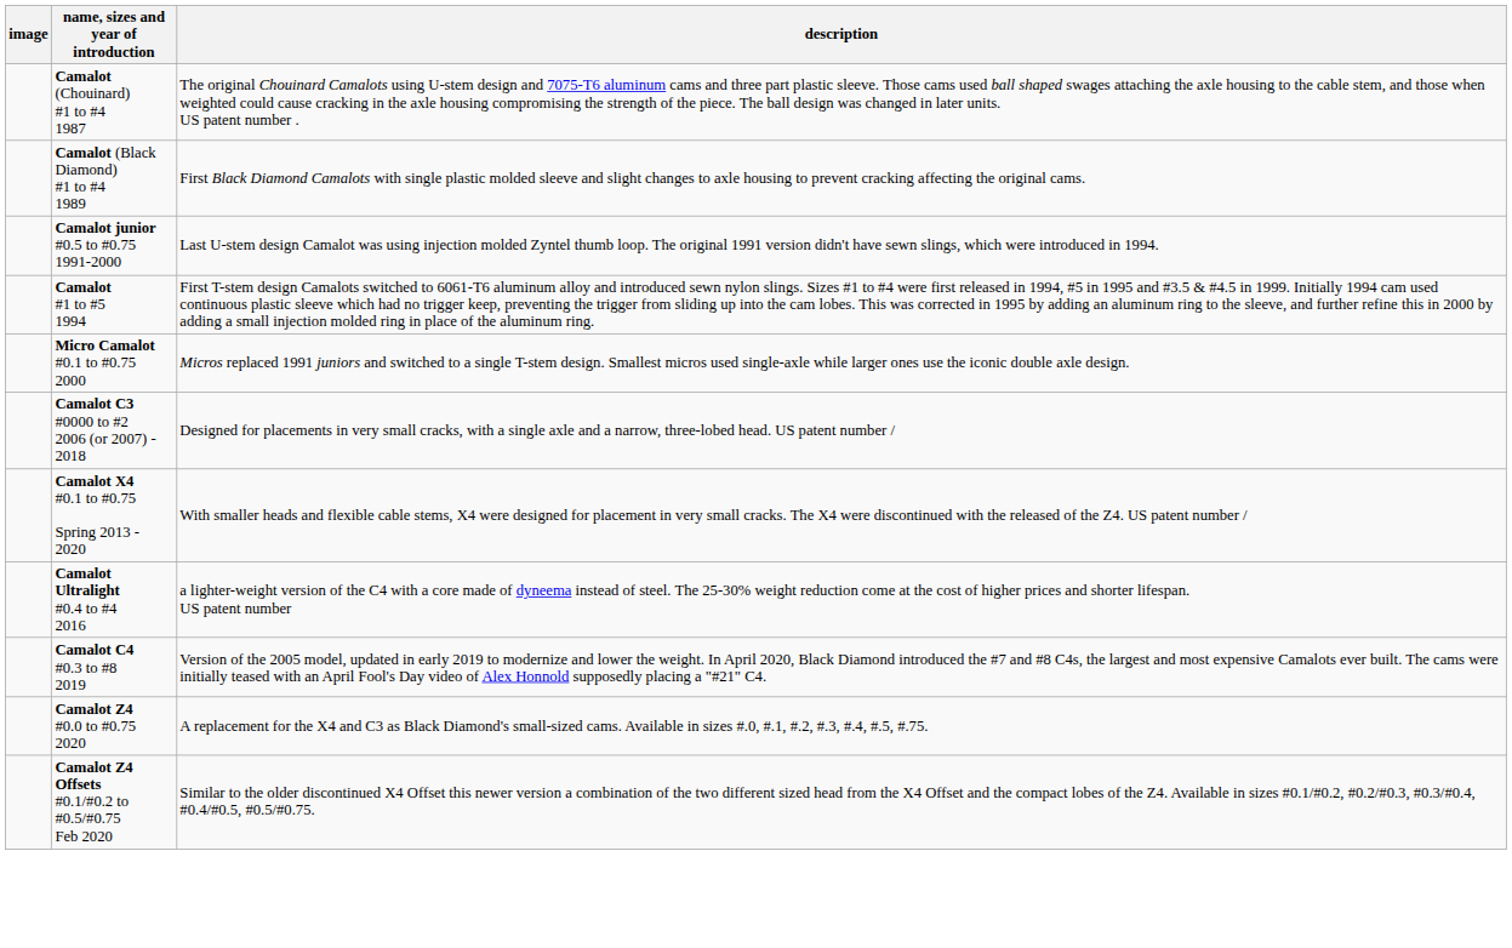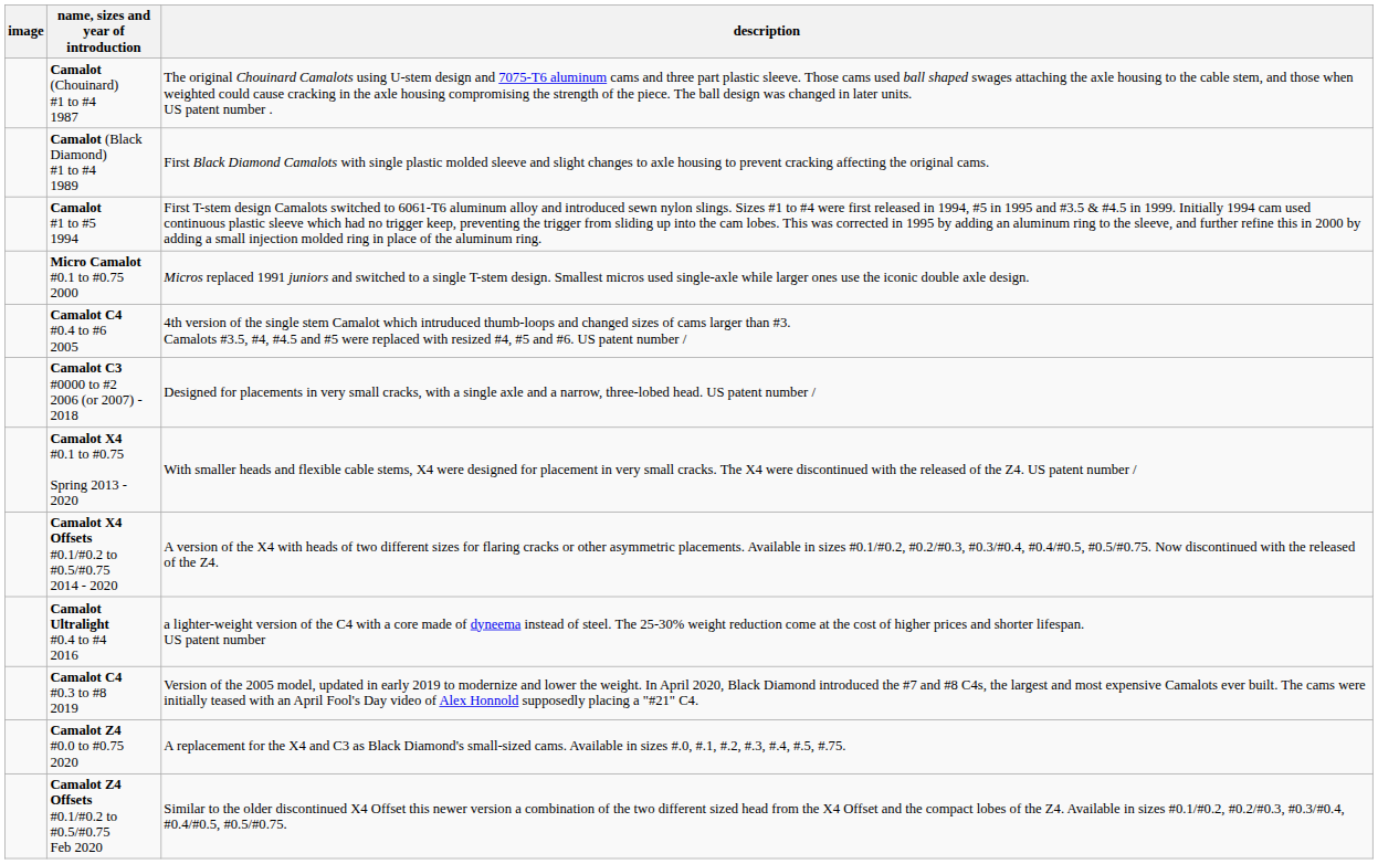 <table class="wikitable">
 <tr>
 <th>image</th>
 <th>name, sizes and <br>year of introduction</th>
 <th>description</th>
 </tr>
 <tr>
 <td></td>
 <td><strong>Camalot</strong> (Chouinard) <br>#1 to #4 <br>1987</td>
 <td>The original <em>Chouinard Camalots</em> using U-stem design and <a href='#'>7075-T6 aluminum</a> cams and three part plastic sleeve. Those cams used <em>ball shaped</em> swages attaching the axle housing to the cable stem, and those when weighted could cause cracking in the axle housing compromising the strength of the piece. The ball design was changed in later units.<br>US patent number .</td>
 </tr>
 <tr>
 <td></td>
 <td><strong>Camalot</strong> (Black Diamond) <br>#1 to #4 <br>1989</td>
 <td>First <em>Black Diamond Camalots</em> with single plastic molded sleeve and slight changes to axle housing to prevent cracking affecting the original cams.</td>
 </tr>
 <tr>
 <td></td>
-<td><strong>Camalot junior</strong> <br>#0.5 to #0.75 <br>1991-2000</td>
-<td>Last U-stem design Camalot was using injection molded Zyntel thumb loop. The original 1991 version didn't have sewn slings, which were introduced in 1994.</td>
-</tr>
-<tr>
-<td></td>
 <td><strong>Camalot</strong> <br>#1 to #5 <br>1994</td>
 <td>First T-stem design Camalots switched to 6061-T6 aluminum alloy and introduced sewn nylon slings. Sizes #1 to #4 were first released in 1994, #5 in 1995 and #3.5 & #4.5 in 1999. Initially 1994 cam used continuous plastic sleeve which had no trigger keep, preventing the trigger from sliding up into the cam lobes. This was corrected in 1995 by adding an aluminum ring to the sleeve, and further refine this in 2000 by adding a small injection molded ring in place of the aluminum ring.</td>
 </tr>
 <tr>
 <td></td>
 <td><strong>Micro Camalot</strong> <br>#0.1 to #0.75<br>2000</td>
 <td><em>Micros</em> replaced 1991 <em>juniors</em> and switched to a single T-stem design. Smallest micros used single-axle while larger ones use the iconic double axle design.</td>
 </tr>
 <tr>
 <td></td>
+<td><strong>Camalot C4</strong> <br>#0.4 to #6<br>2005</td>
+<td>4th version of the single stem Camalot which intruduced thumb-loops and changed sizes of cams larger than #3.<br>Camalots #3.5, #4, #4.5 and #5 were replaced with resized #4, #5 and #6. US patent number /</td>
+</tr>
+<tr>
+<td></td>
 <td><strong>Camalot C3</strong> <br>#0000 to #2<br>2006 (or 2007) - 2018</td>
 <td>Designed for placements in very small cracks, with a single axle and a narrow, three-lobed head. US patent number /</td>
 </tr>
 <tr>
 <td></td>
 <td><strong>Camalot X4</strong> <br>#0.1 to #0.75<br><br>Spring 2013 - 2020</td>
 <td>With smaller heads and flexible cable stems, X4 were designed for placement in very small cracks. The X4 were discontinued with the released of the Z4. US patent number /</td>
+</tr>
+<tr>
+<td></td>
+<td><strong>Camalot X4 Offsets</strong> <br>#0.1/#0.2 to #0.5/#0.75<br>2014 - 2020</td>
+<td>A version of the X4 with heads of two different sizes for flaring cracks or other asymmetric placements. Available in sizes  #0.1/#0.2, #0.2/#0.3,    #0.3/#0.4, #0.4/#0.5, #0.5/#0.75. Now discontinued with the released of the Z4.</td>
 </tr>
 <tr>
 <td></td>
 <td><strong>Camalot Ultralight</strong> <br>#0.4 to #4<br>2016</td>
 <td>a lighter-weight version of the C4 with a core made of <a href='#'>dyneema</a> instead of steel. The 25-30% weight reduction come at the cost of higher prices and shorter lifespan.<br>US patent number </td>
 </tr>
 <tr>
 <td></td>
 <td><strong>Camalot C4</strong> <br>#0.3 to #8<br>2019</td>
 <td>Version of the 2005 model, updated in early 2019 to modernize and lower the weight. In April 2020, Black Diamond introduced the #7 and #8 C4s, the largest and most expensive Camalots ever built. The cams were initially teased with an April Fool's Day video of <a href='#'>Alex Honnold</a> supposedly placing a "#21" C4.</td>
 </tr>
 <tr>
 <td></td>
 <td><strong>Camalot Z4</strong> <br>#0.0 to #0.75<br>2020</td>
 <td>A replacement for the X4 and C3 as Black Diamond's small-sized cams. Available in sizes #.0, #.1, #.2, #.3, #.4, #.5, #.75.</td>
 </tr>
 <tr>
 <td></td>
 <td><strong>Camalot Z4 Offsets</strong> <br>#0.1/#0.2 to #0.5/#0.75<br>Feb 2020</td>
 <td>Similar to the older discontinued X4 Offset this newer version a combination of the two different sized head from the X4 Offset and the compact lobes of the Z4. Available in sizes  #0.1/#0.2, #0.2/#0.3,    #0.3/#0.4, #0.4/#0.5, #0.5/#0.75.</td>
 </tr>
 </table>
